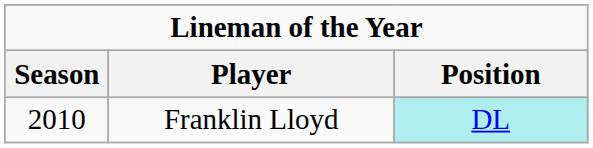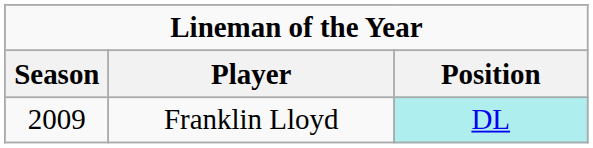 <table class="wikitable sortable" style="text-align:center">
 <tr>
 <td colspan="4"><strong>Lineman of the Year</strong></td>
 </tr>
 <tr>
 <th style="width:50px; ">Season</th>
 <th style="width:150px; ">Player</th>
 <th style="width:100px; ">Position</th>
 </tr>
 <tr>
-<td>2010</td>
+<td>2009</td>
 <td>Franklin Lloyd</td>
 <td style="background: paleturquoise;"><a href='#'>DL</a></td>
 </tr>
 </table>
